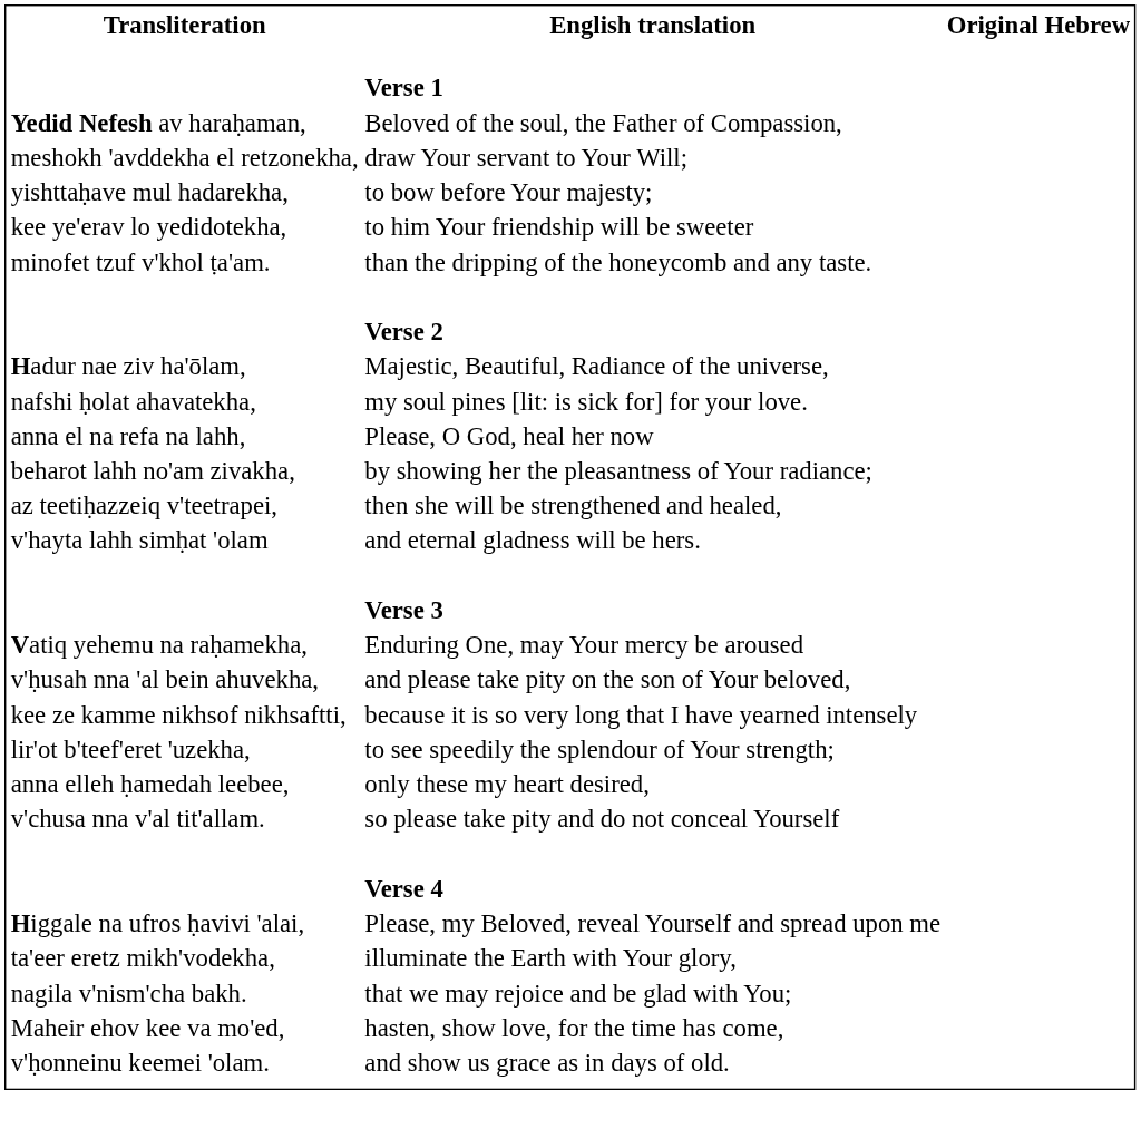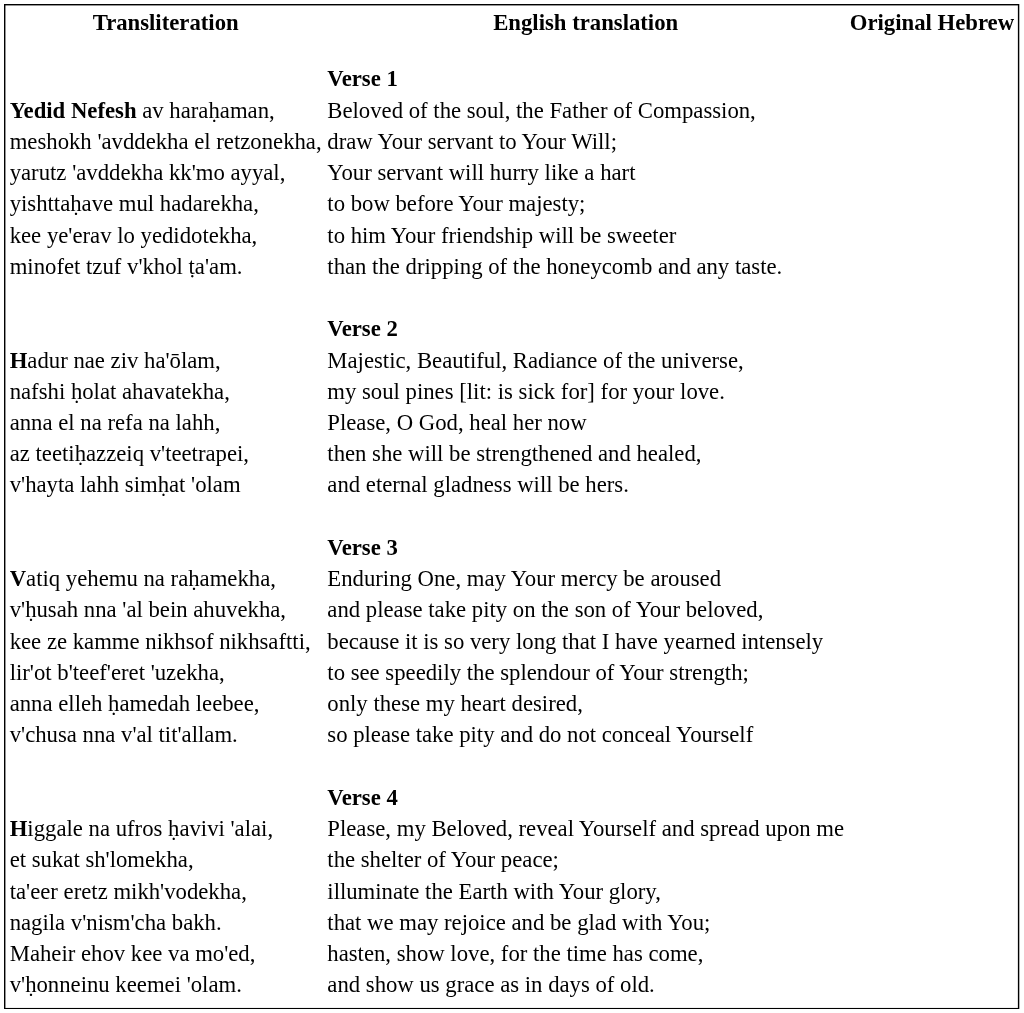 <table style="border: 1px solid;">
 <tr>
 <th>Transliteration</th>
 <th>English translation</th>
 <th>Original Hebrew</th>
 </tr>
 <tr>
 <td></td>
 <td><div><br><strong>Verse 1</strong> </div></td>
 <td></td>
 </tr>
 <tr>
 <td><strong>Yedid Nefesh</strong> av haraḥaman,</td>
 <td>Beloved of the soul, the Father of Compassion,</td>
 <td align="right"></td>
 </tr>
 <tr>
 <td>meshokh 'avddekha el retzonekha,</td>
 <td>draw Your servant to Your Will;</td>
+<td align="right"></td>
+</tr>
+<tr>
+<td>yarutz 'avddekha kk'mo ayyal,</td>
+<td>Your servant will hurry like a hart</td>
 <td align="right"></td>
 </tr>
 <tr>
 <td>yishttaḥave mul hadarekha,</td>
 <td>to bow before Your majesty;</td>
 <td align="right"></td>
 </tr>
 <tr>
 <td>kee ye'erav lo yedidotekha,</td>
 <td>to him Your friendship will be sweeter</td>
 <td align="right"></td>
 </tr>
 <tr>
 <td>minofet tzuf v'khol ṭa'am.</td>
 <td>than the dripping of the honeycomb and any taste.</td>
 <td align="right"></td>
 </tr>
 <tr>
 <td></td>
 <td></td>
 <td></td>
 </tr>
 <tr>
 <td></td>
 <td><div><br><strong>Verse 2</strong> </div></td>
 <td></td>
 </tr>
 <tr>
 <td><strong>H</strong>adur nae ziv ha'ōlam,</td>
 <td>Majestic, Beautiful, Radiance of the universe,</td>
 <td align="right"></td>
 </tr>
 <tr>
 <td>nafshi ḥolat ahavatekha,</td>
 <td>my soul pines [lit: is sick for] for your love.</td>
 <td align="right"></td>
 </tr>
 <tr>
 <td>anna el na refa na lahh,</td>
 <td>Please, O God, heal her now</td>
-<td align="right"></td>
-</tr>
-<tr>
-<td>beharot lahh no'am zivakha,</td>
-<td>by showing her the pleasantness of Your radiance;</td>
 <td align="right"></td>
 </tr>
 <tr>
 <td>az teetiḥazzeiq v'teetrapei,</td>
 <td>then she will be strengthened and healed,</td>
 <td align="right"></td>
 </tr>
 <tr>
 <td>v'hayta lahh simḥat 'olam</td>
 <td>and eternal gladness will be hers.</td>
 <td align="right"></td>
 </tr>
 <tr>
 <td></td>
 <td></td>
 <td></td>
 </tr>
 <tr>
 <td></td>
 <td><div><br><strong>Verse 3</strong> </div></td>
 <td></td>
 </tr>
 <tr>
 <td><strong>V</strong>atiq yehemu na raḥamekha,</td>
 <td>Enduring One, may Your mercy be aroused</td>
 <td align="right"></td>
 </tr>
 <tr>
 <td>v'ḥusah nna 'al bein ahuvekha,</td>
 <td>and please take pity on the son of Your beloved,</td>
 <td align="right"></td>
 </tr>
 <tr>
 <td>kee ze kamme nikhsof nikhsaftti,</td>
 <td>because it is so very long that I have yearned intensely</td>
 <td align="right"></td>
 </tr>
 <tr>
 <td>lir'ot b'teef'eret 'uzekha,</td>
 <td>to see speedily the splendour of Your strength;</td>
 <td align="right"></td>
 </tr>
 <tr>
 <td>anna elleh ḥamedah leebee,</td>
 <td>only these my heart desired,</td>
 <td align="right"></td>
 </tr>
 <tr>
 <td>v'chusa nna v'al tit'allam.</td>
 <td>so please take pity and do not conceal Yourself</td>
 <td align="right"></td>
 </tr>
 <tr>
 <td></td>
 <td></td>
 <td></td>
 </tr>
 <tr>
 <td></td>
 <td><div><br><strong>Verse 4</strong> </div></td>
 <td></td>
 </tr>
 <tr>
 <td><strong>H</strong>iggale na ufros ḥavivi 'alai,</td>
 <td>Please, my Beloved, reveal Yourself and spread upon me</td>
 <td align="right"></td>
 </tr>
 <tr>
+<td>et sukat sh'lomekha,</td>
+<td>the shelter of Your peace;</td>
+<td align="right"></td>
+</tr>
+<tr>
 <td>ta'eer eretz mikh'vodekha,</td>
 <td>illuminate the Earth with Your glory,</td>
 <td align="right"></td>
 </tr>
 <tr>
 <td>nagila v'nism'cha bakh.</td>
 <td>that we may rejoice and be glad with You;</td>
 <td align="right"></td>
 </tr>
 <tr>
 <td>Maheir ehov kee va mo'ed,</td>
 <td>hasten, show love, for the time has come,</td>
 <td align="right"></td>
 </tr>
 <tr>
 <td>v'ḥonneinu keemei 'olam.</td>
 <td>and show us grace as in days of old.</td>
 <td align="right"></td>
 </tr>
 <tr>
 <td></td>
 <td></td>
 </tr>
 </table>
